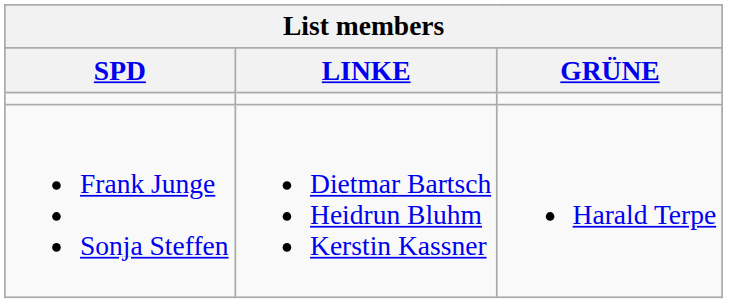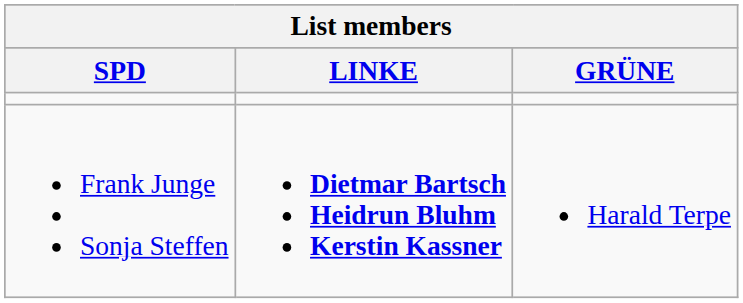 <table class=wikitable>
 <tr>
 <th colspan=3>List members</th>
 </tr>
 <tr>
 <th><a href='#'>SPD</a></th>
 <th><a href='#'>LINKE</a></th>
 <th><a href='#'>GRÜNE</a></th>
 </tr>
 <tr>
 <td bgcolor=></td>
 <td bgcolor=></td>
 <td bgcolor=></td>
 </tr>
 <tr>
 <td><br><ul><li><a href='#'>Frank Junge</a></li><li></li><li><a href='#'>Sonja Steffen</a></li></ul></td>
-<td><br><ul><li><a href='#'>Dietmar Bartsch</a></li><li><a href='#'>Heidrun Bluhm</a></li><li><a href='#'>Kerstin Kassner</a></li></ul></td>
+<td><strong><br><ul><li><a href='#'>Dietmar Bartsch</a></li><li><a href='#'>Heidrun Bluhm</a></li><li><a href='#'>Kerstin Kassner</a></li></ul></strong></td>
 <td><br><ul><li><a href='#'>Harald Terpe</a></li></ul></td>
 </tr>
 </table>
